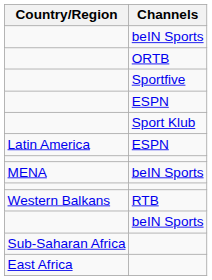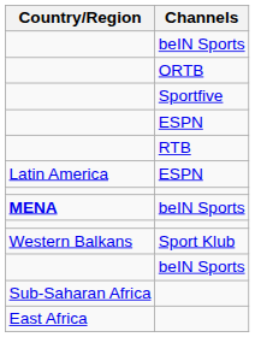 <table class="wikitable">
 <tr>
 <th>Country/Region</th>
 <th>Channels</th>
 </tr>
 <tr>
 <td></td>
 <td><a href='#'>beIN Sports</a></td>
 </tr>
 <tr>
 <td></td>
 <td><a href='#'>ORTB</a></td>
 </tr>
 <tr>
 <td></td>
 <td><a href='#'>Sportfive</a></td>
 </tr>
 <tr>
 <td></td>
 <td><a href='#'>ESPN</a></td>
 </tr>
 <tr>
 <td></td>
-<td><a href='#'>Sport Klub</a></td>
+<td><a href='#'>RTB</a></td>
 </tr>
 <tr>
 <td><a href='#'>Latin America</a></td>
 <td><a href='#'>ESPN</a></td>
 </tr>
 <tr>
 <td></td>
 <td></td>
 </tr>
 <tr>
-<td> <a href='#'>MENA</a></td>
+<td><strong> <a href='#'>MENA</a></strong></td>
 <td><a href='#'>beIN Sports</a></td>
 </tr>
 <tr>
 <td></td>
 <td></td>
 </tr>
 <tr>
 <td><a href='#'>Western Balkans</a></td>
-<td><a href='#'>RTB</a></td>
+<td><a href='#'>Sport Klub</a></td>
 </tr>
 <tr>
 <td></td>
 <td><a href='#'>beIN Sports</a></td>
 </tr>
 <tr>
 <td><a href='#'>Sub-Saharan Africa</a></td>
 <td></td>
 </tr>
 <tr>
 <td><a href='#'>East Africa</a></td>
 <td></td>
 </tr>
 </table>
